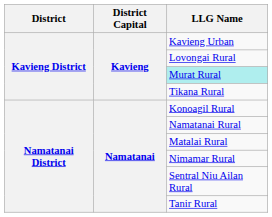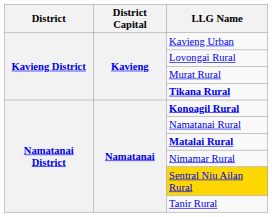 <table class="wikitable" style="text-align: left;" width="400">
 <tr>
 <th>District</th>
 <th>District Capital</th>
 <th>LLG Name</th>
 </tr>
 <tr>
 <th rowspan="4"><a href='#'>Kavieng District</a></th>
 <th rowspan="4"><a href='#'>Kavieng</a></th>
 <td><a href='#'>Kavieng Urban</a></td>
 </tr>
 <tr>
 <td><a href='#'>Lovongai Rural</a></td>
 </tr>
 <tr>
-<td style="background: paleturquoise;"><a href='#'>Murat Rural</a></td>
+<td><a href='#'>Murat Rural</a></td>
 </tr>
 <tr>
-<td><a href='#'>Tikana Rural</a></td>
+<td><strong><a href='#'>Tikana Rural</a></strong></td>
 </tr>
 <tr>
 <th rowspan="6"><a href='#'>Namatanai District</a></th>
 <th rowspan="6"><a href='#'>Namatanai</a></th>
-<td><a href='#'>Konoagil Rural</a></td>
+<td><strong><a href='#'>Konoagil Rural</a></strong></td>
 </tr>
 <tr>
 <td><a href='#'>Namatanai Rural</a></td>
 </tr>
 <tr>
-<td><a href='#'>Matalai Rural</a></td>
+<td><strong><a href='#'>Matalai Rural</a></strong></td>
 </tr>
 <tr>
 <td><a href='#'>Nimamar Rural</a></td>
 </tr>
 <tr>
-<td><a href='#'>Sentral Niu Ailan Rural</a></td>
+<td style="background: gold;"><a href='#'>Sentral Niu Ailan Rural</a></td>
 </tr>
 <tr>
 <td><a href='#'>Tanir Rural</a></td>
 </tr>
 </table>
